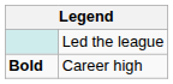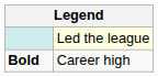 <table class="wikitable mw-collapsible">
 <tr>
 <th colspan="2">Legend</th>
 </tr>
 <tr>
 <td style="background:#cfecec; width:3em;"></td>
-<td>Led the league</td>
+<td style="background: lightyellow;">Led the league</td>
 </tr>
 <tr>
 <td><strong>Bold</strong></td>
 <td>Career high</td>
 </tr>
 </table>
